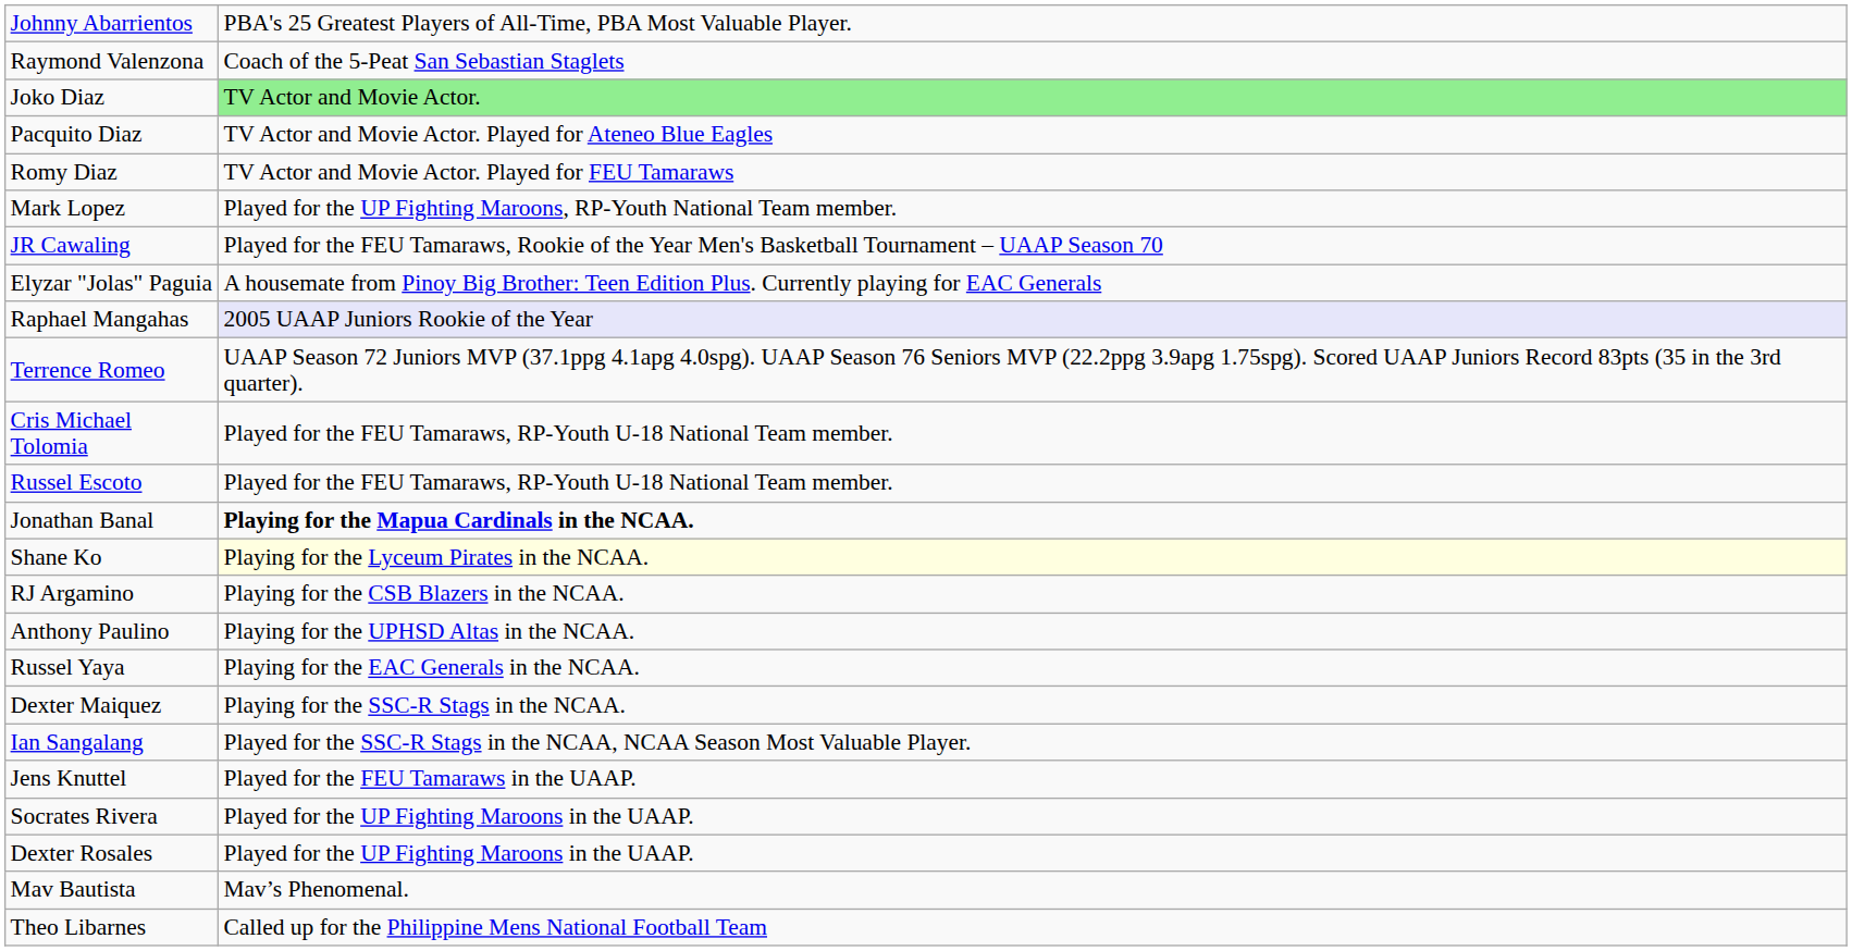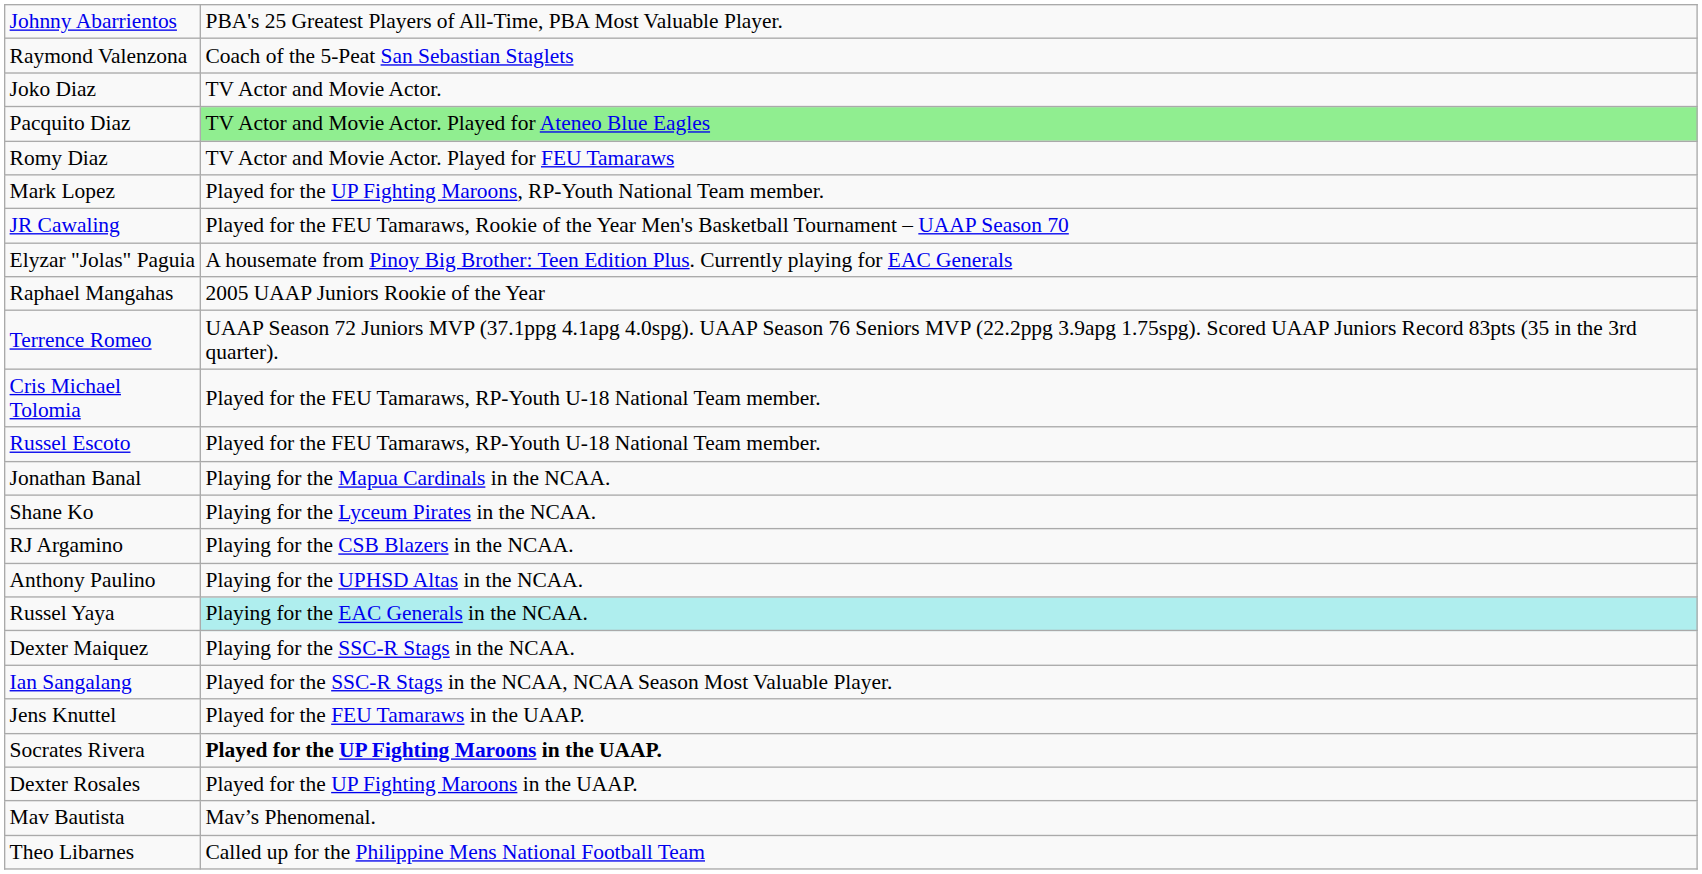 <table class="wikitable" style="width: 100%">
 <tr>
 <td><a href='#'>Johnny Abarrientos</a></td>
 <td>PBA's 25 Greatest Players of All-Time, PBA Most Valuable Player.</td>
 </tr>
 <tr>
 <td>Raymond Valenzona</td>
 <td>Coach of the 5-Peat <a href='#'>San Sebastian Staglets</a></td>
 </tr>
 <tr>
 <td>Joko Diaz</td>
-<td style="background: lightgreen;">TV Actor and Movie Actor.</td>
+<td>TV Actor and Movie Actor.</td>
 </tr>
 <tr>
 <td>Pacquito Diaz</td>
-<td>TV Actor and Movie Actor. Played for <a href='#'>Ateneo Blue Eagles</a></td>
+<td style="background: lightgreen;">TV Actor and Movie Actor. Played for <a href='#'>Ateneo Blue Eagles</a></td>
 </tr>
 <tr>
 <td>Romy Diaz</td>
 <td>TV Actor and Movie Actor. Played for <a href='#'>FEU Tamaraws</a></td>
 </tr>
 <tr>
 <td>Mark Lopez</td>
 <td>Played for the <a href='#'>UP Fighting Maroons</a>, RP-Youth National Team member.</td>
 </tr>
 <tr>
 <td><a href='#'>JR Cawaling</a></td>
 <td>Played for the FEU Tamaraws, Rookie of the Year Men's Basketball Tournament – <a href='#'>UAAP Season 70</a></td>
 </tr>
 <tr>
 <td>Elyzar "Jolas" Paguia</td>
 <td>A housemate from <a href='#'>Pinoy Big Brother: Teen Edition Plus</a>. Currently playing for <a href='#'>EAC Generals</a></td>
 </tr>
 <tr>
 <td>Raphael Mangahas</td>
-<td style="background: lavender;">2005 UAAP Juniors Rookie of the Year</td>
+<td>2005 UAAP Juniors Rookie of the Year</td>
 </tr>
 <tr>
 <td><a href='#'>Terrence Romeo</a></td>
 <td>UAAP Season 72 Juniors MVP (37.1ppg 4.1apg 4.0spg). UAAP Season 76 Seniors MVP (22.2ppg 3.9apg 1.75spg). Scored UAAP Juniors Record 83pts (35 in the 3rd quarter).</td>
 </tr>
 <tr>
 <td><a href='#'>Cris Michael Tolomia</a></td>
 <td>Played for the FEU Tamaraws, RP-Youth U-18 National Team member.</td>
 </tr>
 <tr>
 <td><a href='#'>Russel Escoto</a></td>
 <td>Played for the FEU Tamaraws, RP-Youth U-18 National Team member.</td>
 </tr>
 <tr>
 <td>Jonathan Banal</td>
-<td><strong>Playing for the <a href='#'>Mapua Cardinals</a> in the NCAA.</strong></td>
+<td>Playing for the <a href='#'>Mapua Cardinals</a> in the NCAA.</td>
 </tr>
 <tr>
 <td>Shane Ko</td>
-<td style="background: lightyellow;">Playing for the <a href='#'>Lyceum Pirates</a> in the NCAA.</td>
+<td>Playing for the <a href='#'>Lyceum Pirates</a> in the NCAA.</td>
 </tr>
 <tr>
 <td>RJ Argamino</td>
 <td>Playing for the <a href='#'>CSB Blazers</a> in the NCAA.</td>
 </tr>
 <tr>
 <td>Anthony Paulino</td>
 <td>Playing for the <a href='#'>UPHSD Altas</a> in the NCAA.</td>
 </tr>
 <tr>
 <td>Russel Yaya</td>
-<td>Playing for the <a href='#'>EAC Generals</a> in the NCAA.</td>
+<td style="background: paleturquoise;">Playing for the <a href='#'>EAC Generals</a> in the NCAA.</td>
 </tr>
 <tr>
 <td>Dexter Maiquez</td>
 <td>Playing for the <a href='#'>SSC-R Stags</a> in the NCAA.</td>
 </tr>
 <tr>
 <td><a href='#'>Ian Sangalang</a></td>
 <td>Played for the <a href='#'>SSC-R Stags</a> in the NCAA, NCAA Season Most Valuable Player.</td>
 </tr>
 <tr>
 <td>Jens Knuttel</td>
 <td>Played for the <a href='#'>FEU Tamaraws</a> in the UAAP.</td>
 </tr>
 <tr>
 <td>Socrates Rivera</td>
-<td>Played for the <a href='#'>UP Fighting Maroons</a> in the UAAP.</td>
+<td><strong>Played for the <a href='#'>UP Fighting Maroons</a> in the UAAP.</strong></td>
 </tr>
 <tr>
 <td>Dexter Rosales</td>
 <td>Played for the <a href='#'>UP Fighting Maroons</a> in the UAAP.</td>
 </tr>
 <tr>
 <td>Mav Bautista</td>
 <td>Mav’s Phenomenal.</td>
 </tr>
 <tr>
 <td>Theo Libarnes</td>
 <td>Called up for the <a href='#'>Philippine Mens National Football Team</a></td>
 </tr>
 </table>
